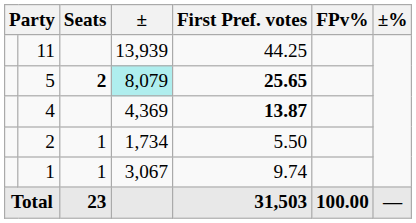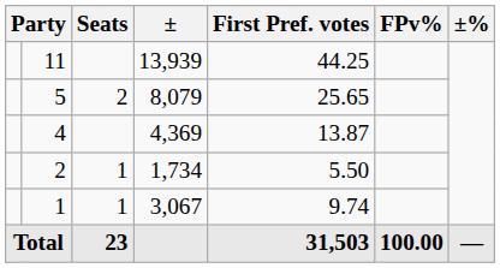 <table class=wikitable>
 <tr>
 <th colspan=2 align=center>Party</th>
 <th valign=top>Seats</th>
 <th valign=top>±</th>
 <th valign=top>First Pref. votes</th>
 <th valign=top>FPv%</th>
 <th valign=top>±%</th>
 </tr>
 <tr>
 <td></td>
 <td align=right>11</td>
 <td align=right></td>
 <td align=right>13,939</td>
 <td align=right>44.25</td>
 <td align=right></td>
 </tr>
 <tr>
 <td></td>
 <td align=right>5</td>
-<td align=right><strong>2</strong></td>
-<td align=right style="background: paleturquoise;">8,079</td>
-<td align=right><strong>25.65</strong></td>
+<td align=right>2</td>
+<td align=right>8,079</td>
+<td align=right>25.65</td>
 <td align=right></td>
 </tr>
 <tr>
 <td></td>
 <td align=right>4</td>
 <td align=right></td>
 <td align=right>4,369</td>
-<td align=right><strong>13.87</strong></td>
+<td align=right>13.87</td>
 <td align=right></td>
 </tr>
 <tr>
 <td></td>
 <td align=right>2</td>
 <td align=right>1</td>
 <td align=right>1,734</td>
 <td align=right>5.50</td>
 <td align=right></td>
 </tr>
 <tr>
 <td></td>
 <td align=right>1</td>
 <td align=right>1</td>
 <td align=right>3,067</td>
 <td align=right>9.74</td>
 <td align=right></td>
 </tr>
 <tr style="font-weight:bold; background:rgb(232,232,232);">
 <td colspan=2 align=center>Total</td>
 <td align=right>23</td>
 <td align=center></td>
 <td align=right>31,503</td>
 <td align=center>100.00</td>
 <td align=center>—</td>
 </tr>
 </table>
